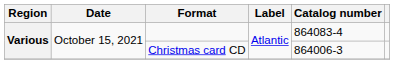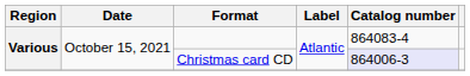 <table class="wikitable plainrowheaders">
 <tr>
 <th scope="col">Region</th>
 <th scope="col">Date</th>
 <th scope="col">Format</th>
 <th scope="col">Label</th>
 <th scope="col">Catalog number</th>
 <th scope="col"></th>
 </tr>
 <tr>
 <th scope="row" rowspan="2">Various</th>
 <td rowspan="2">October 15, 2021</td>
 <td></td>
 <td rowspan="2"><a href='#'>Atlantic</a></td>
 <td>864083-4</td>
 <td></td>
 </tr>
 <tr>
 <td><a href='#'>Christmas card</a> CD</td>
-<td>864006-3</td>
+<td style="background: lavender;">864006-3</td>
 <td></td>
 </tr>
 <tr>
 </tr>
 </table>
